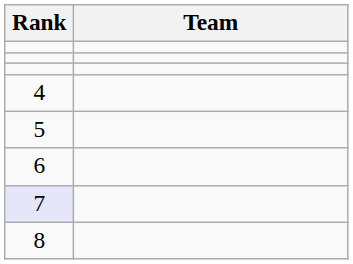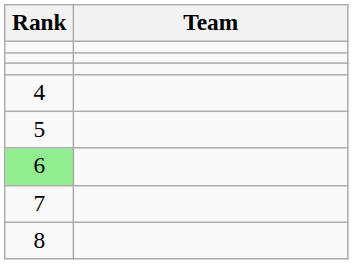 <table class="wikitable" style="text-align:center;">
 <tr>
 <th width=40>Rank</th>
 <th width=180>Team</th>
 </tr>
 <tr>
 <td></td>
 <td align=left></td>
 </tr>
 <tr>
 <td></td>
 <td align=left></td>
 </tr>
 <tr>
 <td></td>
 <td align=left></td>
 </tr>
 <tr>
 <td>4</td>
 <td align=left></td>
 </tr>
 <tr>
 <td>5</td>
 <td align=left></td>
 </tr>
 <tr>
-<td>6</td>
+<td style="background: lightgreen;">6</td>
 <td align=left></td>
 </tr>
 <tr>
-<td style="background: lavender;">7</td>
+<td>7</td>
 <td align=left></td>
 </tr>
 <tr>
 <td>8</td>
 <td align=left></td>
 </tr>
 </table>
